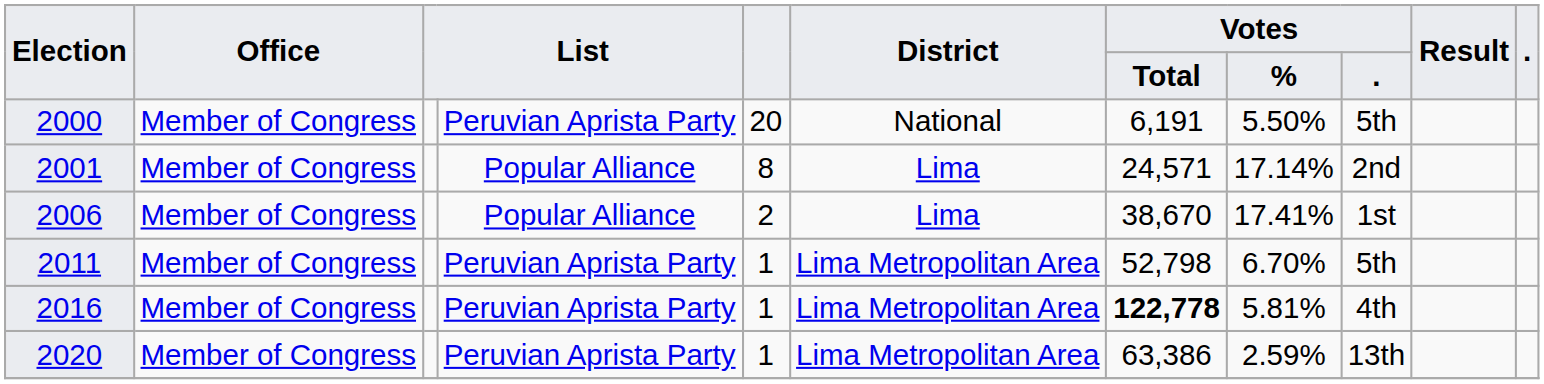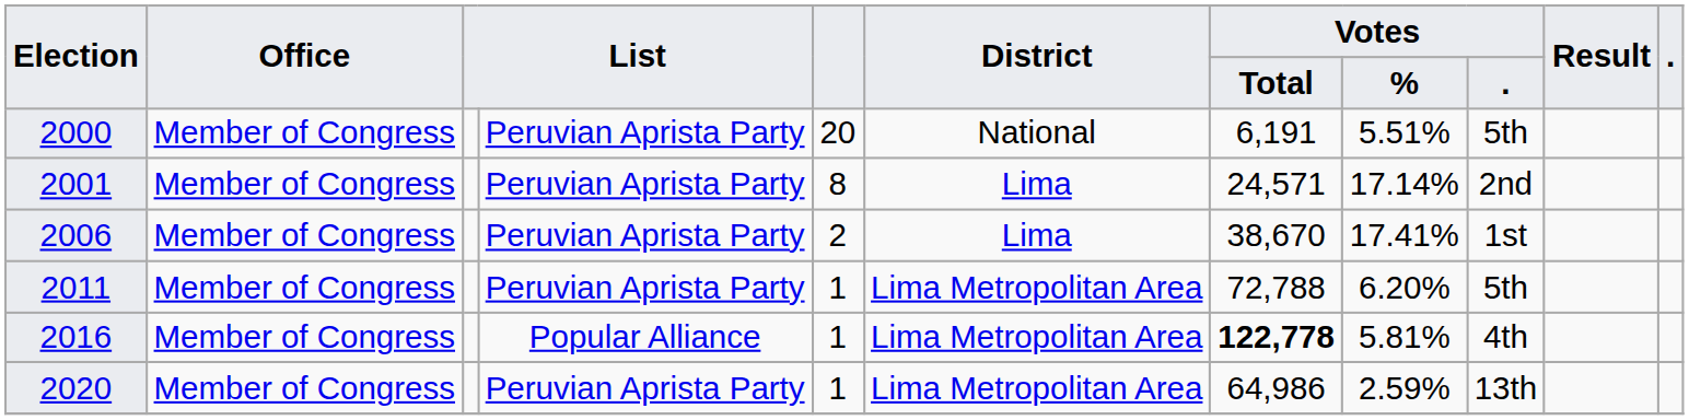 <table class="wikitable" style="font-size:90%; text-align:center;">
 <tr>
 <th style="background-color:#EAECF0;" rowspan=2>Election</th>
 <th style="background-color:#EAECF0;" rowspan=2>Office</th>
 <th style="background-color:#EAECF0;" colspan=2 rowspan=2>List</th>
 <th style="background-color:#EAECF0;" rowspan=2></th>
 <th style="background-color:#EAECF0;" rowspan=2>District</th>
 <th style="background-color:#EAECF0;" colspan=3>Votes</th>
 <th style="background-color:#EAECF0;" rowspan=2>Result</th>
 <th style="background-color:#EAECF0;" rowspan=2>.</th>
 </tr>
 <tr>
 <th style="background-color:#EAECF0;">Total</th>
 <th style="background-color:#EAECF0;">%</th>
 <th style="background-color:#EAECF0;">.</th>
 </tr>
 <tr>
 <td style="background-color:#EAECF0;"><a href='#'>2000</a></td>
 <td><a href='#'>Member of Congress</a></td>
 <td style="background-color:"></td>
 <td><a href='#'>Peruvian Aprista Party</a></td>
 <td>20</td>
 <td>National</td>
 <td>6,191</td>
-<td>5.50%</td>
+<td>5.51%</td>
 <td>5th</td>
 <td></td>
 <td></td>
 </tr>
 <tr>
 <td style="background-color:#EAECF0;"><a href='#'>2001</a></td>
 <td><a href='#'>Member of Congress</a></td>
 <td style="background-color:"></td>
-<td><a href='#'>Popular Alliance</a></td>
+<td><a href='#'>Peruvian Aprista Party</a></td>
 <td>8</td>
 <td><a href='#'>Lima</a></td>
 <td>24,571</td>
 <td>17.14%</td>
 <td>2nd</td>
 <td></td>
 <td></td>
 </tr>
 <tr>
 <td style="background-color:#EAECF0;"><a href='#'>2006</a></td>
 <td><a href='#'>Member of Congress</a></td>
 <td style="background-color:"></td>
-<td><a href='#'>Popular Alliance</a></td>
+<td><a href='#'>Peruvian Aprista Party</a></td>
 <td>2</td>
 <td><a href='#'>Lima</a></td>
 <td>38,670</td>
 <td>17.41%</td>
 <td>1st</td>
 <td></td>
 <td></td>
 </tr>
 <tr>
 <td style="background-color:#EAECF0;"><a href='#'>2011</a></td>
 <td><a href='#'>Member of Congress</a></td>
 <td style="background-color:"></td>
 <td><a href='#'>Peruvian Aprista Party</a></td>
 <td>1</td>
 <td><a href='#'>Lima Metropolitan Area</a></td>
-<td>52,798</td>
-<td>6.70%</td>
+<td>72,788</td>
+<td>6.20%</td>
 <td>5th</td>
 <td></td>
 <td></td>
 </tr>
 <tr>
 <td style="background-color:#EAECF0;"><a href='#'>2016</a></td>
 <td><a href='#'>Member of Congress</a></td>
 <td style="background-color:"></td>
-<td><a href='#'>Peruvian Aprista Party</a></td>
+<td><a href='#'>Popular Alliance</a></td>
 <td>1</td>
 <td><a href='#'>Lima Metropolitan Area</a></td>
 <td><strong>122,778</strong></td>
 <td>5.81%</td>
 <td>4th</td>
 <td></td>
 <td></td>
 </tr>
 <tr>
 <td style="background-color:#EAECF0;"><a href='#'>2020</a></td>
 <td><a href='#'>Member of Congress</a></td>
 <td style="background-color:"></td>
 <td><a href='#'>Peruvian Aprista Party</a></td>
 <td>1</td>
 <td><a href='#'>Lima Metropolitan Area</a></td>
-<td>63,386</td>
+<td>64,986</td>
 <td>2.59%</td>
 <td>13th</td>
 <td></td>
 <td></td>
 </tr>
 <tr>
 </tr>
 </table>
